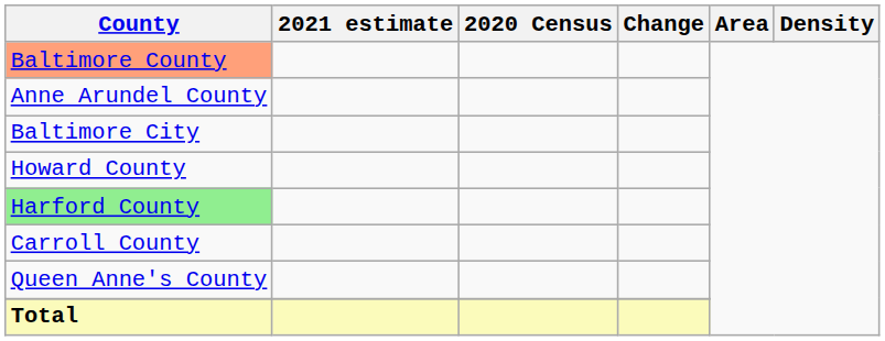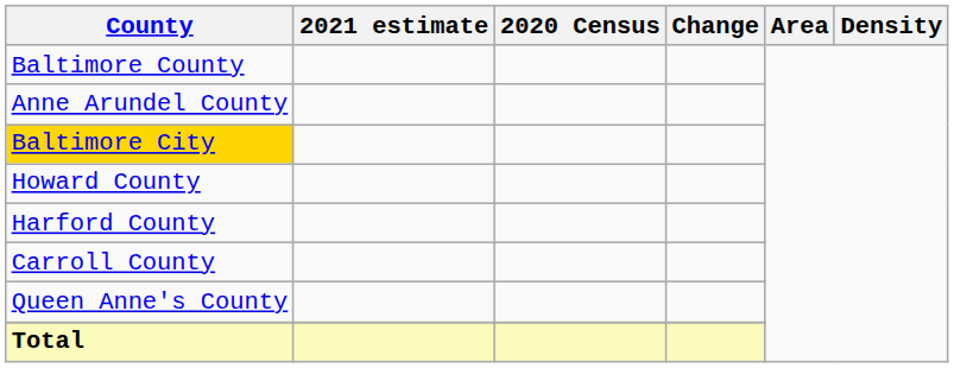 <table class="wikitable sortable">
 <tr>
 <th><a href='#'>County</a></th>
 <th>2021 estimate</th>
 <th>2020 Census</th>
 <th>Change</th>
 <th>Area</th>
 <th>Density</th>
 </tr>
 <tr>
-<td style="background: lightsalmon;"><a href='#'>Baltimore County</a></td>
+<td><a href='#'>Baltimore County</a></td>
 <td></td>
 <td></td>
 <td></td>
 </tr>
 <tr>
 <td><a href='#'>Anne Arundel County</a></td>
 <td></td>
 <td></td>
 <td></td>
 </tr>
 <tr>
-<td><a href='#'>Baltimore City</a></td>
+<td style="background: gold;"><a href='#'>Baltimore City</a></td>
 <td></td>
 <td></td>
 <td></td>
 </tr>
 <tr>
 <td><a href='#'>Howard County</a></td>
 <td></td>
 <td></td>
 <td></td>
 </tr>
 <tr>
-<td style="background: lightgreen;"><a href='#'>Harford County</a></td>
+<td><a href='#'>Harford County</a></td>
 <td></td>
 <td></td>
 <td></td>
 </tr>
 <tr>
 <td><a href='#'>Carroll County</a></td>
 <td></td>
 <td></td>
 <td></td>
 </tr>
 <tr>
 <td><a href='#'>Queen Anne's County</a></td>
 <td></td>
 <td></td>
 <td></td>
 </tr>
 <tr>
 </tr>
 <tr class=sortbottom style="background:#fbfbbb">
 <td><strong>Total</strong></td>
 <td></td>
 <td></td>
 <td></td>
 </tr>
 </table>
